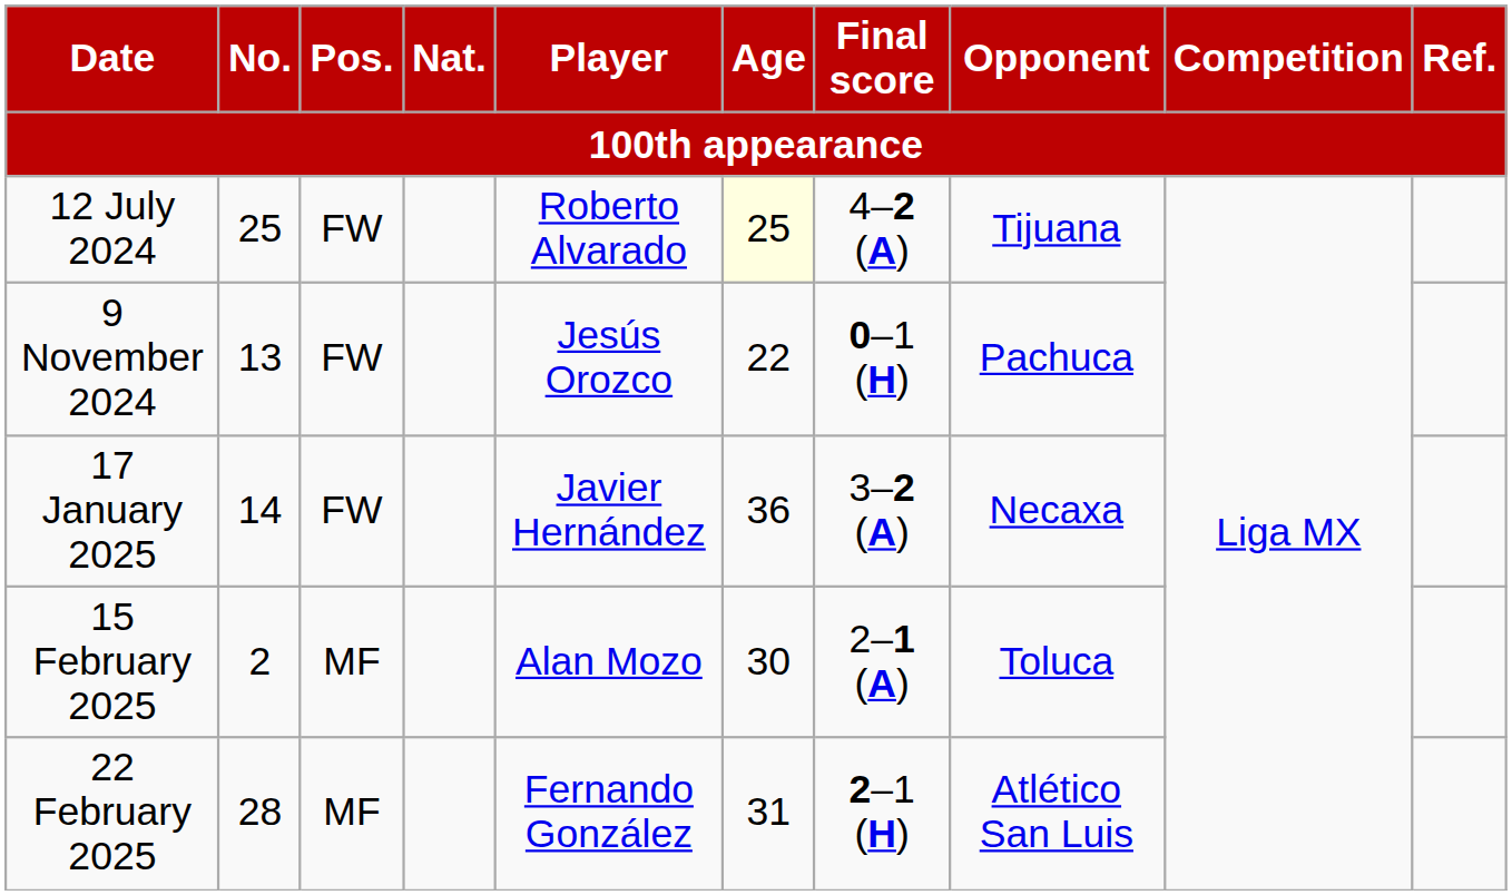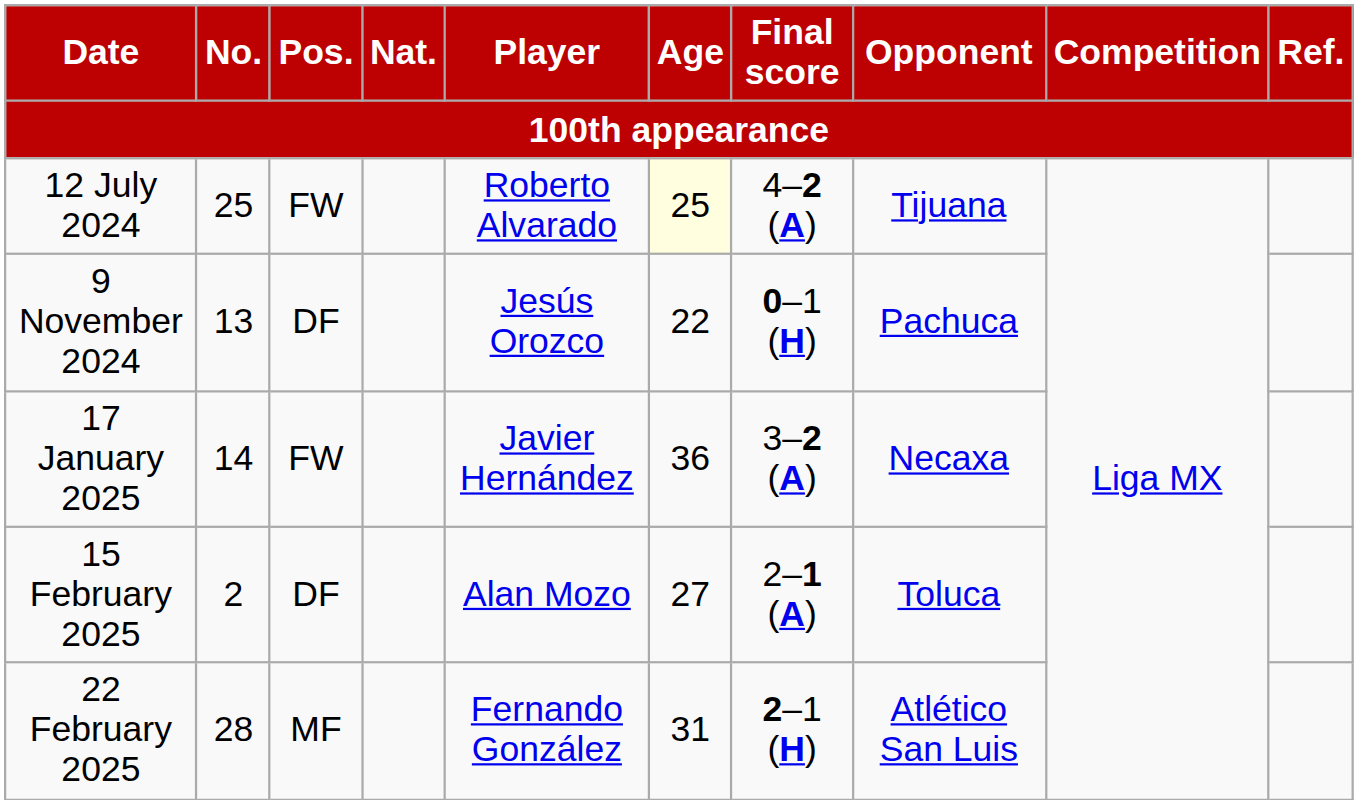 <table class="wikitable" style="text-align:center">
 <tr>
 <th style="background:#bd0102;color:#FFFFFF;">Date</th>
 <th style="background:#bd0102;color:#FFFFFF;">No.</th>
 <th style="background:#bd0102;color:#FFFFFF;">Pos.</th>
 <th style="background:#bd0102;color:#FFFFFF;">Nat.</th>
 <th style="background:#bd0102;color:#FFFFFF;">Player</th>
 <th style="background:#bd0102;color:#FFFFFF;">Age</th>
 <th style="background:#bd0102;color:#FFFFFF;">Final score</th>
 <th style="background:#bd0102;color:#FFFFFF;">Opponent</th>
 <th style="background:#bd0102;color:#FFFFFF;">Competition</th>
 <th style="background:#bd0102;color:#FFFFFF;">Ref.</th>
 </tr>
 <tr>
 <th colspan=10 style="background:#bd0102;color:#FFFFFF;">100th appearance</th>
 </tr>
 <tr>
 <td>12 July 2024</td>
 <td>25</td>
 <td>FW</td>
 <td></td>
 <td><a href='#'>Roberto Alvarado</a></td>
 <td style="background: lightyellow;">25</td>
 <td>4–<strong>2</strong> (<a href='#'><strong>A</strong></a>)</td>
 <td><a href='#'>Tijuana</a></td>
 <td rowspan=5><a href='#'>Liga MX</a></td>
 <td></td>
 </tr>
 <tr>
 <td>9 November 2024</td>
 <td>13</td>
-<td>FW</td>
+<td>DF</td>
 <td></td>
 <td><a href='#'>Jesús Orozco</a></td>
 <td>22</td>
 <td><strong>0</strong>–1 (<a href='#'><strong>H</strong></a>)</td>
 <td><a href='#'>Pachuca</a></td>
 <td></td>
 </tr>
 <tr>
 <td>17 January 2025</td>
 <td>14</td>
 <td>FW</td>
 <td></td>
 <td><a href='#'>Javier Hernández</a></td>
 <td>36</td>
 <td>3–<strong>2</strong> (<a href='#'><strong>A</strong></a>)</td>
 <td><a href='#'>Necaxa</a></td>
 <td></td>
 </tr>
 <tr>
 <td>15 February 2025</td>
 <td>2</td>
-<td>MF</td>
+<td>DF</td>
 <td></td>
 <td><a href='#'>Alan Mozo</a></td>
-<td>30</td>
+<td>27</td>
 <td>2–<strong>1</strong> (<a href='#'><strong>A</strong></a>)</td>
 <td><a href='#'>Toluca</a></td>
 <td></td>
 </tr>
 <tr>
 <td>22 February 2025</td>
 <td>28</td>
 <td>MF</td>
 <td></td>
 <td><a href='#'>Fernando González</a></td>
 <td>31</td>
 <td><strong>2</strong>–1 (<a href='#'><strong>H</strong></a>)</td>
 <td><a href='#'>Atlético San Luis</a></td>
 <td></td>
 </tr>
 </table>
